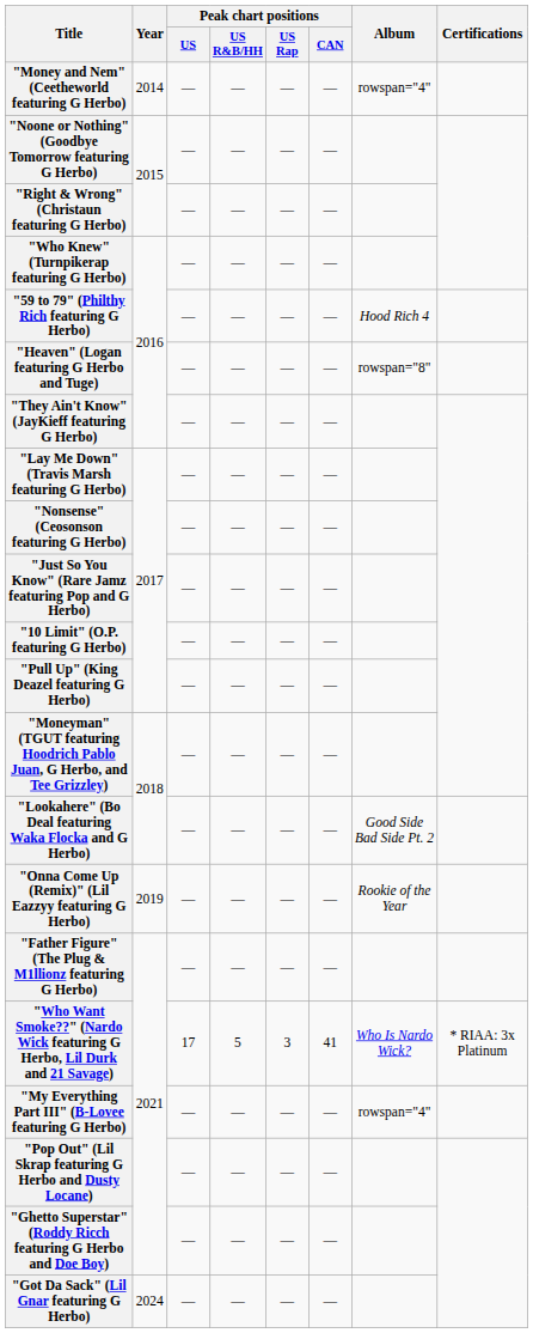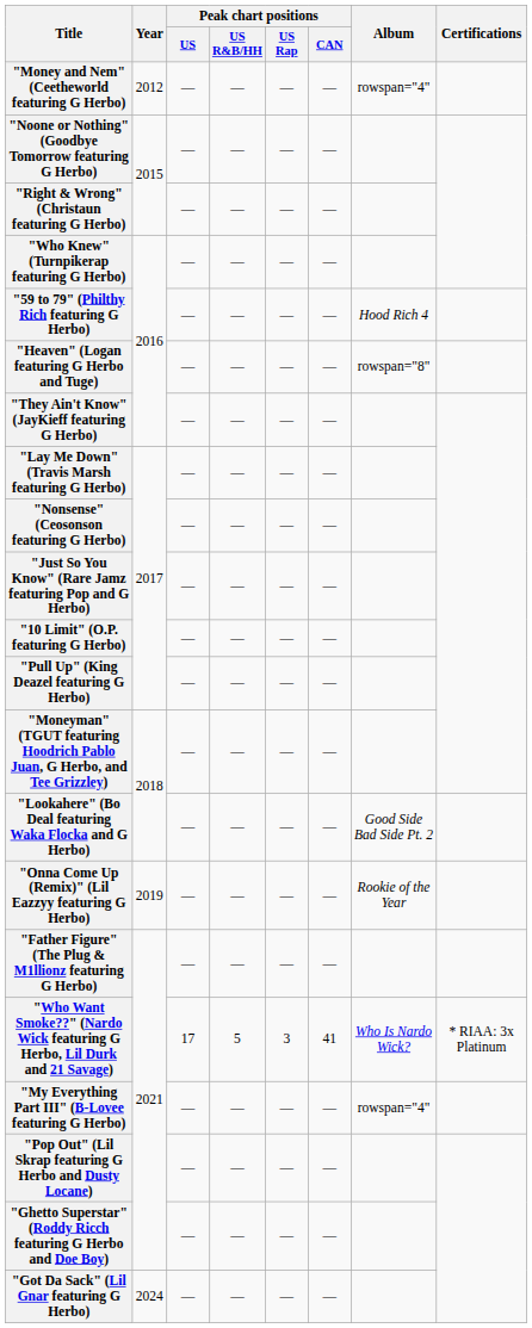 <table class="wikitable plainrowheaders" style="text-align:center;">
 <tr>
 <th scope="col" rowspan="2">Title</th>
 <th scope="col" rowspan="2">Year</th>
 <th scope="col" colspan="4">Peak chart positions</th>
 <th scope="col" rowspan="2">Album</th>
 <th scope="col" rowspan="2">Certifications</th>
 </tr>
 <tr>
 <th scope="col" style="width:3em;font-size:90%;"><a href='#'>US</a><br></th>
 <th scope="col" style="width:3em;font-size:90%;"><a href='#'>US<br>R&B/HH</a><br></th>
 <th scope="col" style="width:3em;font-size:90%;"><a href='#'>US<br>Rap</a><br></th>
 <th scope="col" style="width:3em;font-size:90%;"><a href='#'>CAN</a><br></th>
 </tr>
 <tr>
 <th scope="row">"Money and Nem" (Ceetheworld featuring G Herbo)</th>
-<td>2014</td>
+<td>2012</td>
 <td>—</td>
 <td>—</td>
 <td>—</td>
 <td>—</td>
 <td>rowspan="4" </td>
 <td></td>
 </tr>
 <tr>
 <th scope="row">"Noone or Nothing" (Goodbye Tomorrow featuring G Herbo)</th>
 <td rowspan="2">2015</td>
 <td>—</td>
 <td>—</td>
 <td>—</td>
 <td>—</td>
 <td></td>
 </tr>
 <tr>
 <th scope="row">"Right & Wrong" (Christaun featuring G Herbo)</th>
 <td>—</td>
 <td>—</td>
 <td>—</td>
 <td>—</td>
 <td></td>
 </tr>
 <tr>
 <th scope="row">"Who Knew" (Turnpikerap featuring G Herbo)</th>
 <td rowspan="4">2016</td>
 <td>—</td>
 <td>—</td>
 <td>—</td>
 <td>—</td>
 <td></td>
 </tr>
 <tr>
 <th scope="row">"59 to 79" (<a href='#'>Philthy Rich</a> featuring G Herbo)</th>
 <td>—</td>
 <td>—</td>
 <td>—</td>
 <td>—</td>
 <td><em>Hood Rich 4</em></td>
 <td></td>
 </tr>
 <tr>
 <th scope="row">"Heaven" (Logan featuring G Herbo and Tuge)</th>
 <td>—</td>
 <td>—</td>
 <td>—</td>
 <td>—</td>
 <td>rowspan="8" </td>
 <td></td>
 </tr>
 <tr>
 <th scope="row">"They Ain't Know" (JayKieff featuring G Herbo)</th>
 <td>—</td>
 <td>—</td>
 <td>—</td>
 <td>—</td>
 <td></td>
 </tr>
 <tr>
 <th scope="row">"Lay Me Down" (Travis Marsh featuring G Herbo)</th>
 <td rowspan="5">2017</td>
 <td>—</td>
 <td>—</td>
 <td>—</td>
 <td>—</td>
 <td></td>
 </tr>
 <tr>
 <th scope="row">"Nonsense" (Ceosonson featuring G Herbo)</th>
 <td>—</td>
 <td>—</td>
 <td>—</td>
 <td>—</td>
 <td></td>
 </tr>
 <tr>
 <th scope="row">"Just So You Know" (Rare Jamz featuring Pop and G Herbo)</th>
 <td>—</td>
 <td>—</td>
 <td>—</td>
 <td>—</td>
 <td></td>
 </tr>
 <tr>
 <th scope="row">"10 Limit" (O.P. featuring G Herbo)</th>
 <td>—</td>
 <td>—</td>
 <td>—</td>
 <td>—</td>
 <td></td>
 </tr>
 <tr>
 <th scope="row">"Pull Up" (King Deazel featuring G Herbo)</th>
 <td>—</td>
 <td>—</td>
 <td>—</td>
 <td>—</td>
 <td></td>
 </tr>
 <tr>
 <th scope="row">"Moneyman" (TGUT featuring <a href='#'>Hoodrich Pablo Juan</a>, G Herbo, and <a href='#'>Tee Grizzley</a>)</th>
 <td rowspan="2">2018</td>
 <td>—</td>
 <td>—</td>
 <td>—</td>
 <td>—</td>
 <td></td>
 </tr>
 <tr>
 <th scope="row">"Lookahere" (Bo Deal featuring <a href='#'>Waka Flocka</a> and G Herbo)</th>
 <td>—</td>
 <td>—</td>
 <td>—</td>
 <td>—</td>
 <td><em>Good Side Bad Side Pt. 2</em></td>
 <td></td>
 </tr>
 <tr>
 <th scope="row">"Onna Come Up (Remix)" (Lil Eazzyy featuring G Herbo)</th>
 <td>2019</td>
 <td>—</td>
 <td>—</td>
 <td>—</td>
 <td>—</td>
 <td><em>Rookie of the Year</em></td>
 <td></td>
 </tr>
 <tr>
 <th scope="row">"Father Figure" (The Plug & <a href='#'>M1llionz</a> featuring G Herbo)</th>
 <td rowspan="5">2021</td>
 <td>—</td>
 <td>—</td>
 <td>—</td>
 <td>—</td>
 <td></td>
 <td></td>
 </tr>
 <tr>
 <th scope="row">"<a href='#'>Who Want Smoke??</a>" (<a href='#'>Nardo Wick</a> featuring G Herbo, <a href='#'>Lil Durk</a> and <a href='#'>21 Savage</a>)</th>
 <td>17</td>
 <td>5</td>
 <td>3</td>
 <td>41</td>
 <td><em><a href='#'>Who Is Nardo Wick?</a></em></td>
 <td>* RIAA: 3x Platinum</td>
 </tr>
 <tr>
 <th scope="row">"My Everything Part III" (<a href='#'>B-Lovee</a> featuring G Herbo)</th>
 <td>—</td>
 <td>—</td>
 <td>—</td>
 <td>—</td>
 <td>rowspan="4" </td>
 <td></td>
 </tr>
 <tr>
 <th scope="row">"Pop Out" (Lil Skrap featuring G Herbo and <a href='#'>Dusty Locane</a>)</th>
 <td>—</td>
 <td>—</td>
 <td>—</td>
 <td>—</td>
 <td></td>
 </tr>
 <tr>
 <th scope="row">"Ghetto Superstar" (<a href='#'>Roddy Ricch</a> featuring G Herbo and <a href='#'>Doe Boy</a>)</th>
 <td>—</td>
 <td>—</td>
 <td>—</td>
 <td>—</td>
 <td></td>
 </tr>
 <tr>
 <th scope="row">"Got Da Sack" (<a href='#'>Lil Gnar</a> featuring G Herbo)</th>
 <td>2024</td>
 <td>—</td>
 <td>—</td>
 <td>—</td>
 <td>—</td>
 <td></td>
 </tr>
 </table>
